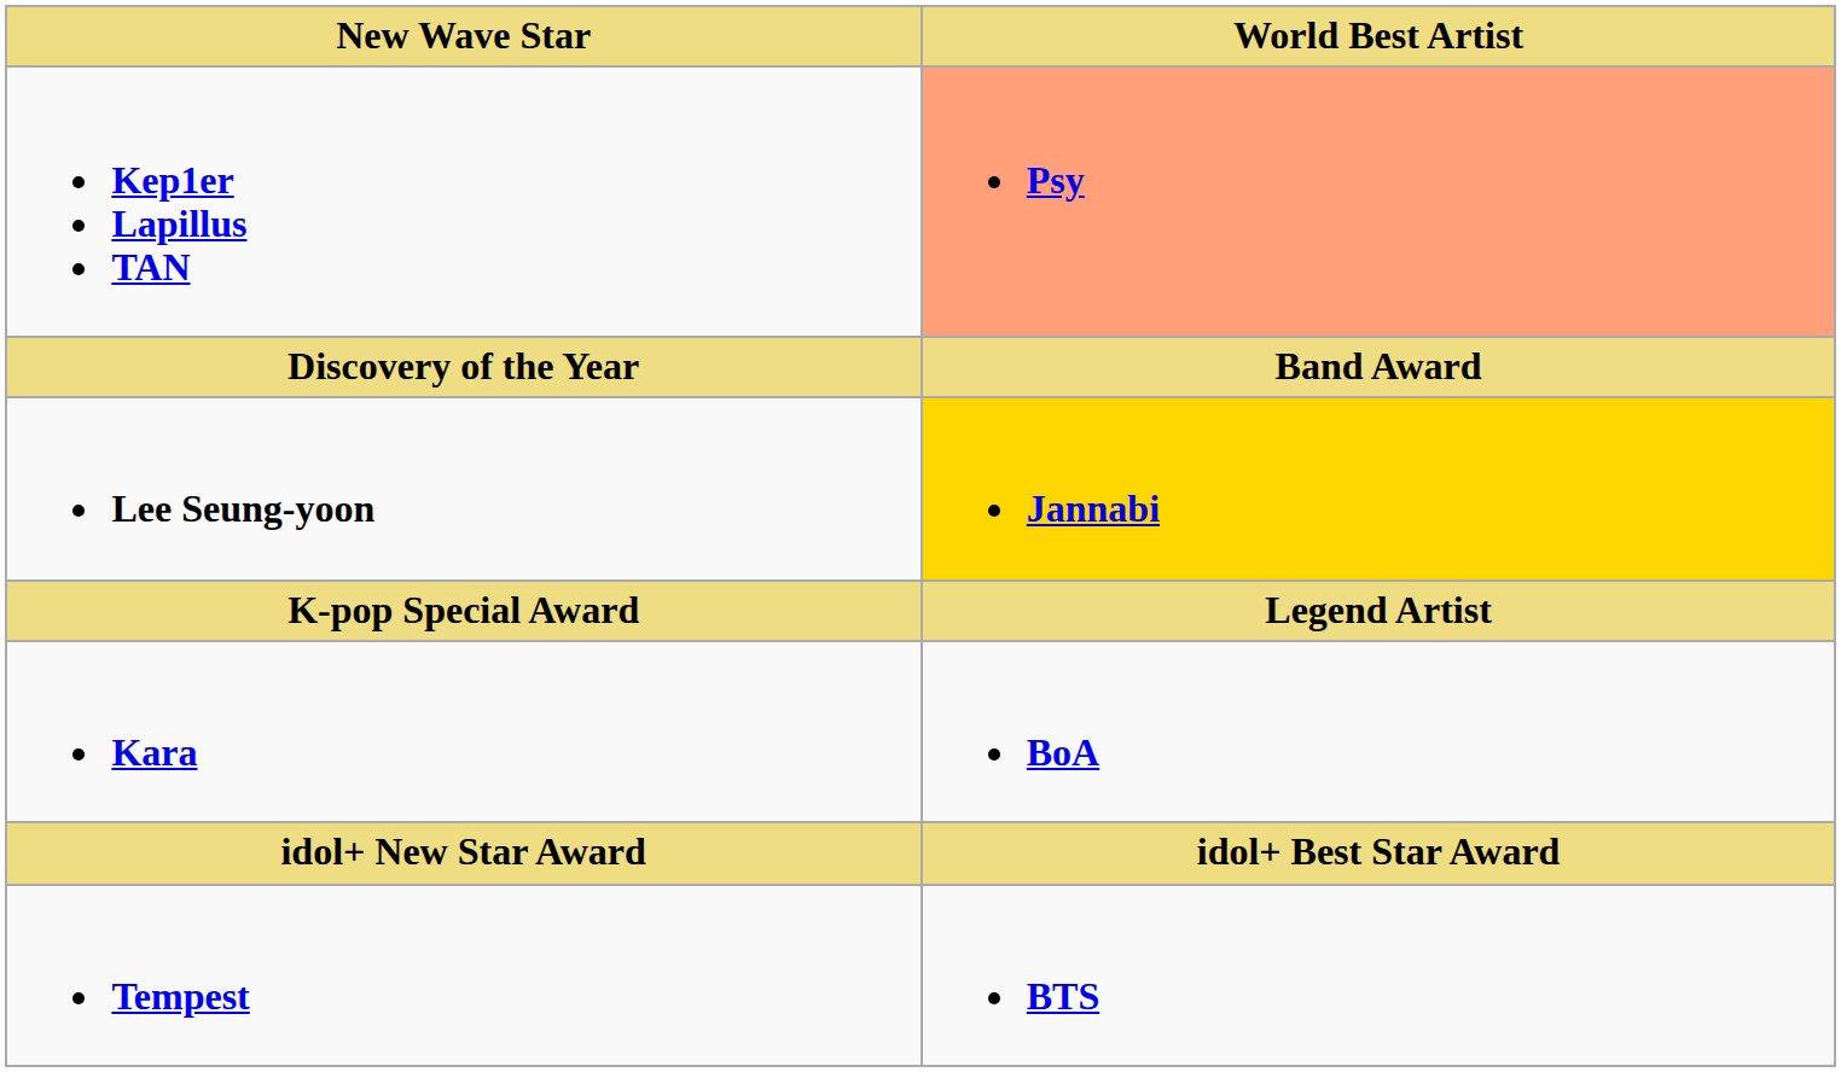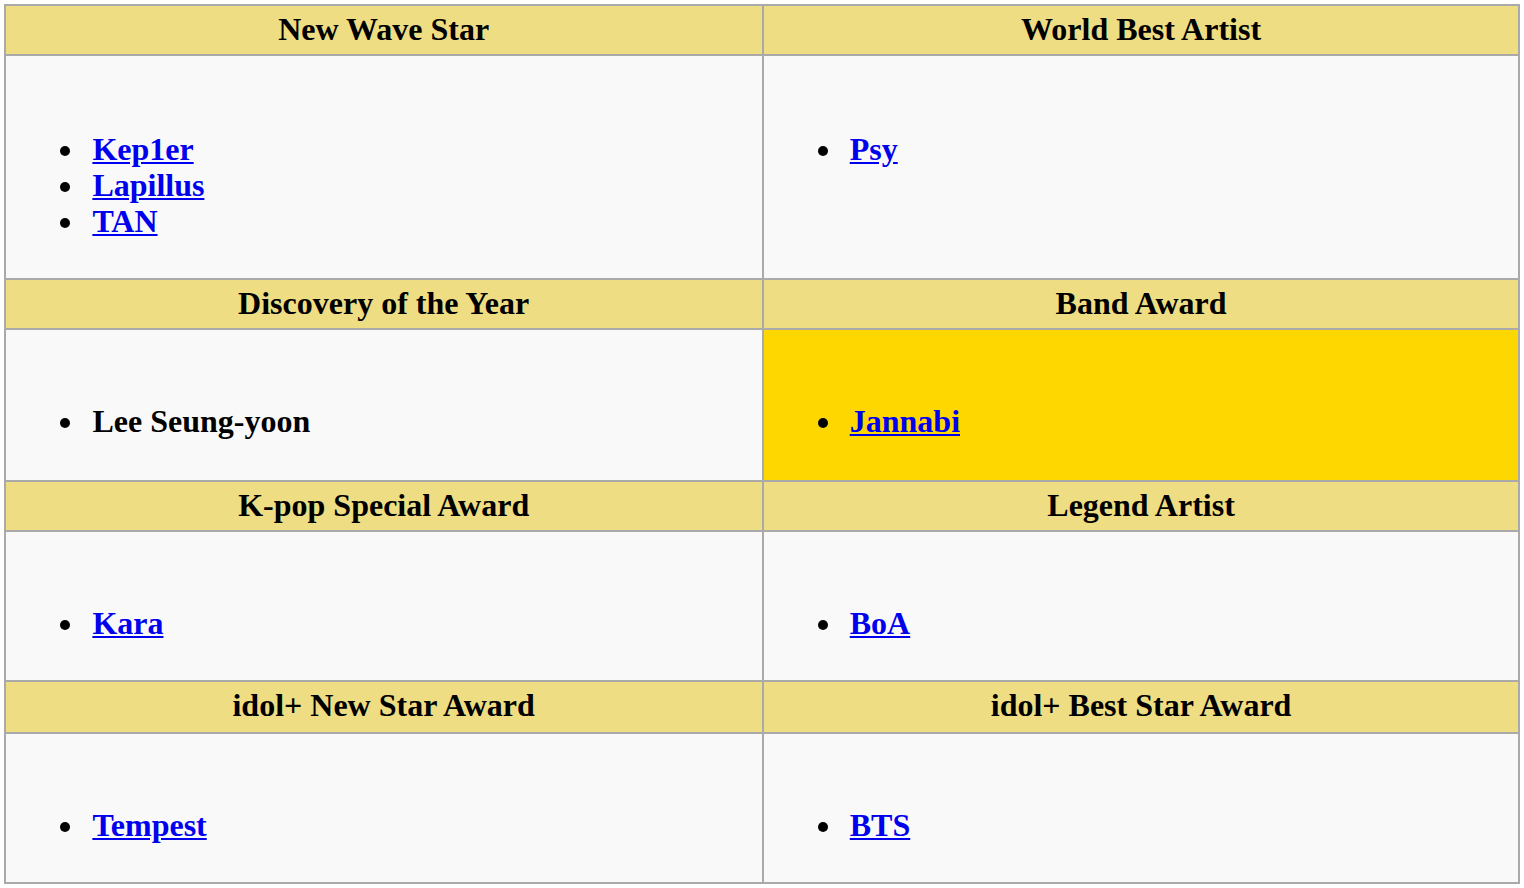 <table class="wikitable" style="width:60%">
 <tr>
 <th scope="col" style="background:#EEDD82; width:30%">New Wave Star</th>
 <th scope="col" style="background:#EEDD82; width:30%">World Best Artist</th>
 </tr>
 <tr>
 <td style="vertical-align:top"><br><ul><li><strong><a href='#'>Kep1er</a></strong></li><li><strong><a href='#'>Lapillus</a></strong></li><li><strong><a href='#'>TAN</a></strong></li></ul></td>
-<td style="background: lightsalmon; vertical-align:top"><br><ul><li><strong><a href='#'>Psy</a></strong></li></ul></td>
+<td style="vertical-align:top"><br><ul><li><strong><a href='#'>Psy</a></strong></li></ul></td>
 </tr>
 <tr>
 <th scope="col" style="background:#EEDD82">Discovery of the Year</th>
 <th scope="col" style="background:#EEDD82">Band Award</th>
 </tr>
 <tr>
 <td style="vertical-align:top"><br><ul><li><strong>Lee Seung-yoon</strong></li></ul></td>
 <td style="background: gold; vertical-align:top"><br><ul><li><strong><a href='#'>Jannabi</a></strong></li></ul></td>
 </tr>
 <tr>
 <th scope="col" style="background:#EEDD82">K-pop Special Award</th>
 <th scope="col" style="background:#EEDD82">Legend Artist</th>
 </tr>
 <tr>
 <td style="vertical-align:top"><br><ul><li><strong><a href='#'>Kara</a></strong></li></ul></td>
 <td style="vertical-align:top"><br><ul><li><strong><a href='#'>BoA</a></strong></li></ul></td>
 </tr>
 <tr>
 <th scope="col" style="background:#EEDD82">idol+ New Star Award</th>
 <th scope="col" style="background:#EEDD82">idol+ Best Star Award</th>
 </tr>
 <tr>
 <td style="vertical-align:top"><br><ul><li><strong><a href='#'>Tempest</a></strong></li></ul></td>
 <td colspan="2" style="vertical-align:top"><br><ul><li><strong><a href='#'>BTS</a></strong></li></ul></td>
 </tr>
 </table>
